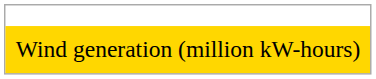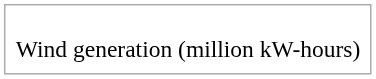 <table style="border:solid 1px #aaa;" cellpadding="7" cellspacing="0">
 <tr>
 <td></td>
 </tr>
 <tr>
-<td style="background: gold;">Wind generation (million kW-hours)</td>
+<td>Wind generation (million kW-hours)</td>
 </tr>
 </table>
